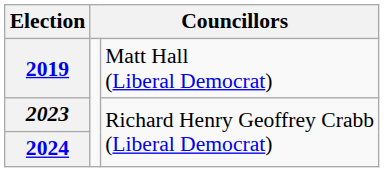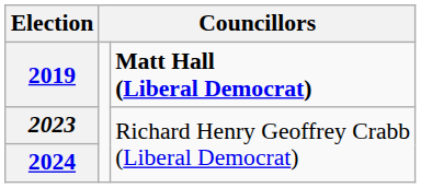 <table class="wikitable">
 <tr>
 <th>Election</th>
 <th colspan="2">Councillors</th>
 </tr>
 <tr>
 <th><a href='#'>2019</a></th>
 <td rowspan="5" style="background-color: "></td>
-<td>Matt Hall<br>(<a href='#'>Liberal Democrat</a>)</td>
+<td><strong>Matt Hall<br>(<a href='#'>Liberal Democrat</a>)</strong></td>
 </tr>
 <tr>
 <th><em>2023</em></th>
 <td rowspan="2">Richard Henry Geoffrey Crabb<br>(<a href='#'>Liberal Democrat</a>)</td>
 </tr>
 <tr>
 <th><a href='#'>2024</a></th>
 </tr>
 </table>
